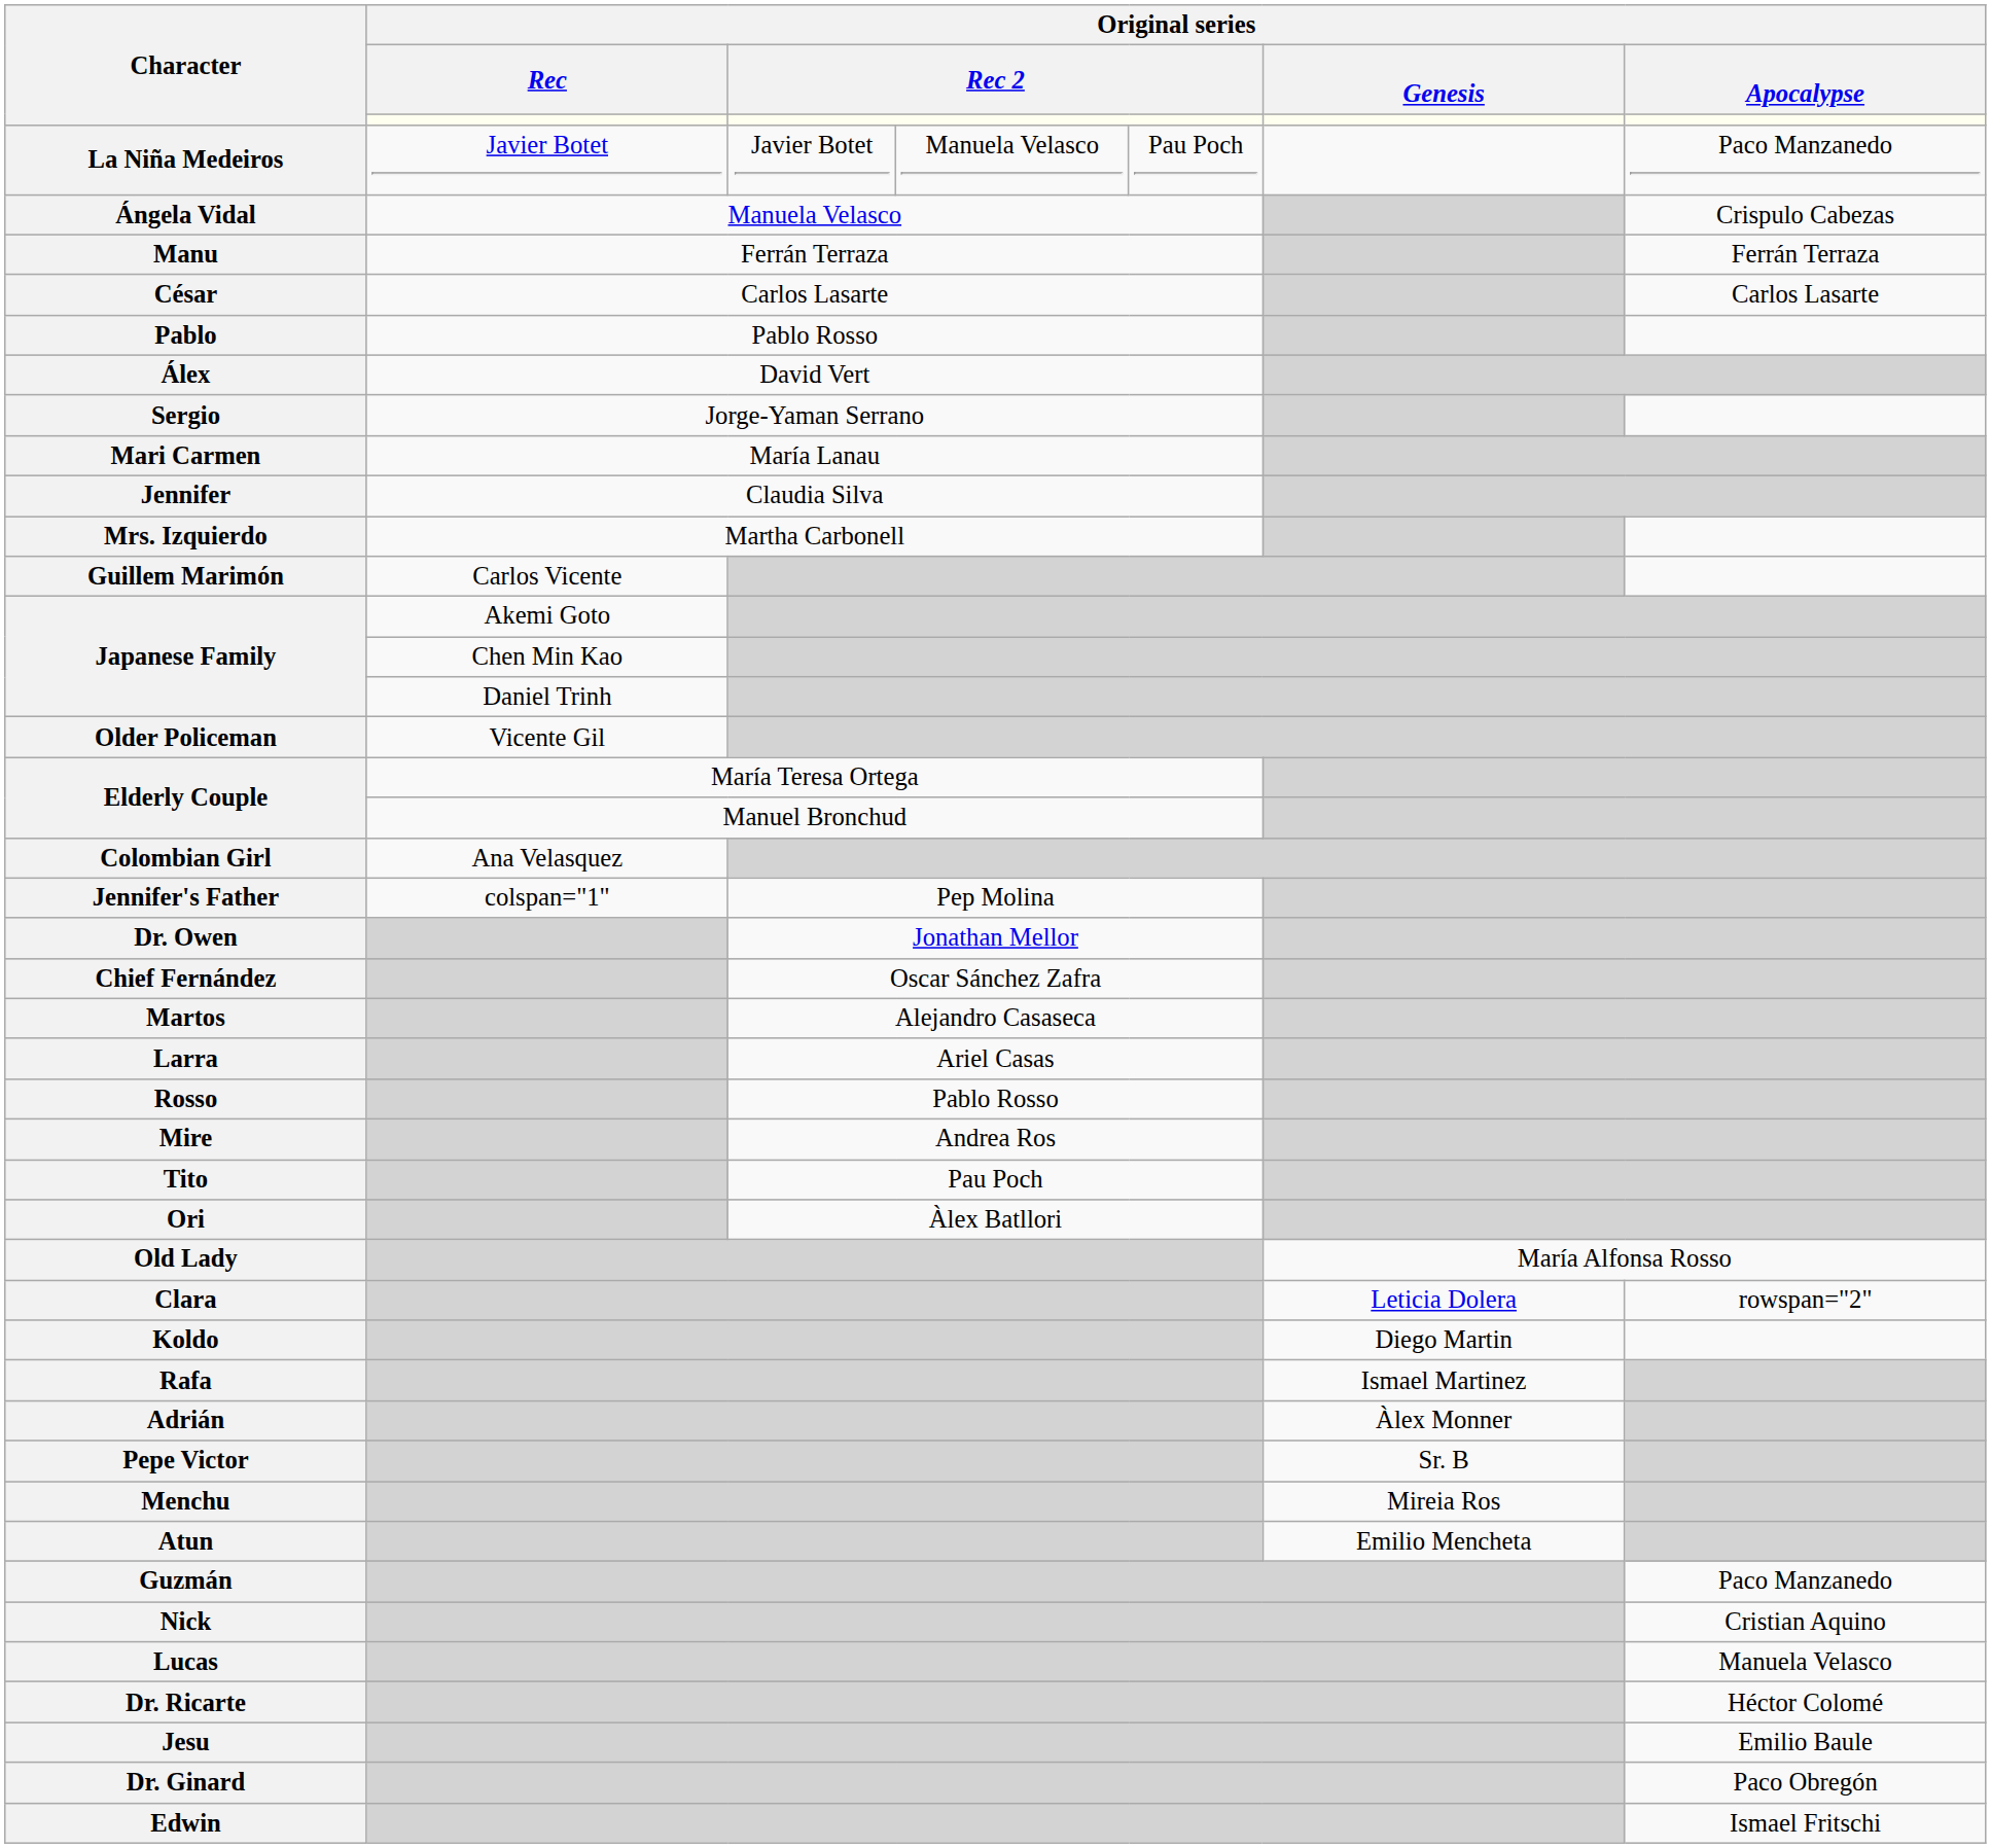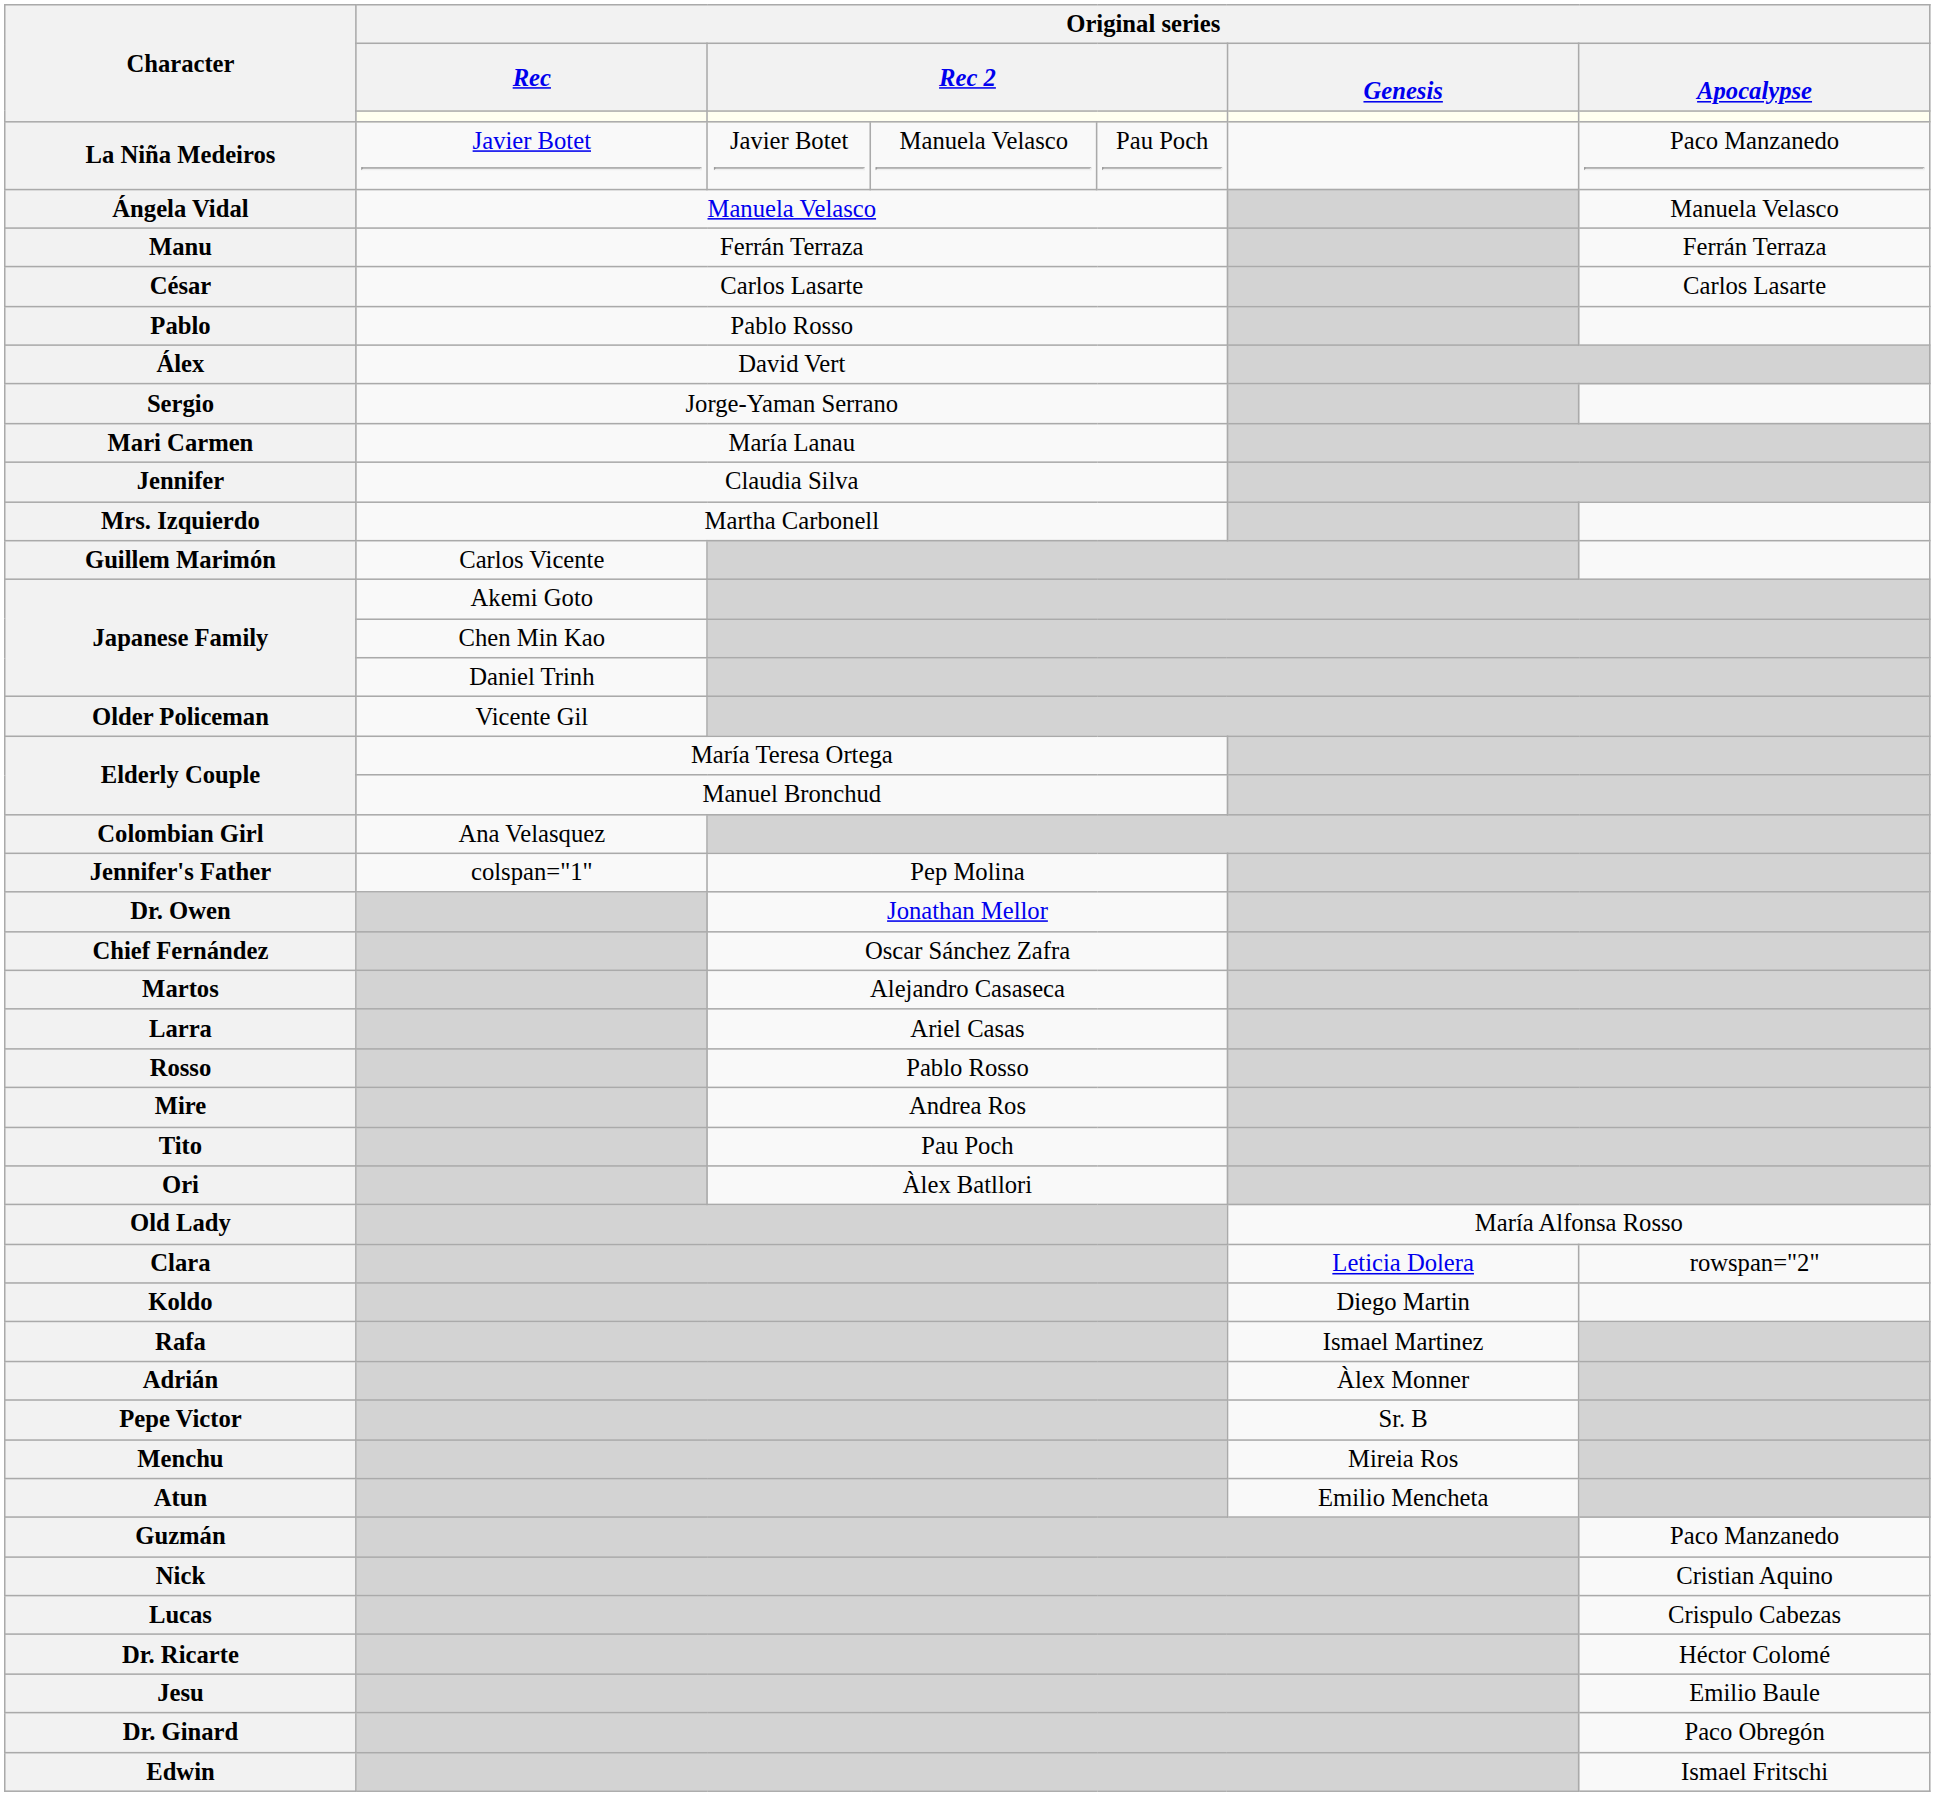 <table class="wikitable" style="text-align:center; width:99%;">
 <tr>
 <th rowspan="3" style="width:12.5%;">Character</th>
 <th colspan="6" style="text-align:center;">Original series</th>
 </tr>
 <tr>
 <th style="text-align:center; width:12.5%;"><em><a href='#'>Rec</a></em></th>
 <th colspan="3" style="text-align:center; width:18.5%;"><em><a href='#'>Rec 2</a></em></th>
 <th style="text-align:center; width:12.5%;"><em><a href='#'><br>Genesis</a></em></th>
 <th style="text-align:center; width:12.5%;"><em><a href='#'><br>Apocalypse</a></em></th>
 </tr>
 <tr>
 <th colspan="1" style="background:ivory;"><span></span></th>
 <th colspan="3" style="background:ivory;"><span></span></th>
 <th colspan="1" style="background:ivory;"><span></span></th>
 <th colspan="1" style="background:ivory;"><span></span></th>
 </tr>
 <tr>
 <th>La Niña Medeiros <br></th>
 <td><a href='#'>Javier Botet</a><hr></td>
 <td>Javier Botet<hr></td>
 <td>Manuela Velasco<hr></td>
 <td>Pau Poch<hr></td>
 <td></td>
 <td>Paco Manzanedo<hr></td>
 </tr>
 <tr>
 <th>Ángela Vidal</th>
 <td colspan="4"><a href='#'>Manuela Velasco</a></td>
 <td style="background:#d3d3d3;"></td>
-<td colspan="1">Crispulo Cabezas</td>
+<td>Manuela Velasco</td>
 </tr>
 <tr>
 <th>Manu</th>
 <td colspan="4">Ferrán Terraza</td>
 <td colspan="1" style="background:#d3d3d3;"></td>
 <td colspan="1">Ferrán Terraza</td>
 </tr>
 <tr>
 <th>César</th>
 <td colspan="4">Carlos Lasarte</td>
 <td colspan="1" style="background:#d3d3d3;"></td>
 <td colspan="1">Carlos Lasarte</td>
 </tr>
 <tr>
 <th>Pablo</th>
 <td colspan="4">Pablo Rosso</td>
 <td colspan="1" style="background:#d3d3d3;"></td>
 <td></td>
 </tr>
 <tr>
 <th>Álex</th>
 <td colspan="4">David Vert</td>
 <td colspan="2" style="background:#d3d3d3;"></td>
 </tr>
 <tr>
 <th>Sergio</th>
 <td colspan="4">Jorge-Yaman Serrano</td>
 <td colspan="1" style="background:#d3d3d3;"></td>
 <td></td>
 </tr>
 <tr>
 <th>Mari Carmen</th>
 <td colspan="4">María Lanau</td>
 <td colspan="2" style="background:#d3d3d3;"></td>
 </tr>
 <tr>
 <th>Jennifer</th>
 <td colspan="4">Claudia Silva</td>
 <td colspan="2" style="background:#d3d3d3;"></td>
 </tr>
 <tr>
 <th>Mrs. Izquierdo</th>
 <td colspan="4">Martha Carbonell</td>
 <td colspan="1" style="background:#d3d3d3;"></td>
 <td></td>
 </tr>
 <tr>
 <th>Guillem Marimón</th>
 <td colspan="1">Carlos Vicente</td>
 <td colspan="4" style="background:#d3d3d3;"></td>
 <td></td>
 </tr>
 <tr>
 <th rowspan="3">Japanese Family</th>
 <td>Akemi Goto</td>
 <td colspan="5" style="background:#d3d3d3;"></td>
 </tr>
 <tr>
 <td>Chen Min Kao</td>
 <td colspan="5" style="background:#d3d3d3;"></td>
 </tr>
 <tr>
 <td>Daniel Trinh</td>
 <td colspan="5" style="background:#d3d3d3;"></td>
 </tr>
 <tr>
 <th>Older Policeman</th>
 <td colspan="1">Vicente Gil</td>
 <td colspan="5" style="background:#d3d3d3;"></td>
 </tr>
 <tr>
 <th rowspan="2">Elderly Couple</th>
 <td colspan="4">María Teresa Ortega</td>
 <td colspan="5" style="background:#d3d3d3;"></td>
 </tr>
 <tr>
 <td colspan="4">Manuel Bronchud</td>
 <td colspan="5" style="background:#d3d3d3;"></td>
 </tr>
 <tr>
 <th>Colombian Girl</th>
 <td colspan="1">Ana Velasquez</td>
 <td colspan="5" style="background:#d3d3d3;"></td>
 </tr>
 <tr>
 <th>Jennifer's Father</th>
 <td>colspan="1" </td>
 <td colspan="3">Pep Molina</td>
 <td colspan="2" style="background:#d3d3d3;"></td>
 </tr>
 <tr>
 <th>Dr. Owen</th>
 <td colspan="1" style="background:#d3d3d3;"></td>
 <td colspan="3"><a href='#'>Jonathan Mellor</a></td>
 <td colspan="2" style="background:#d3d3d3;"></td>
 </tr>
 <tr>
 <th>Chief Fernández</th>
 <td colspan="1" style="background:#d3d3d3;"></td>
 <td colspan="3">Oscar Sánchez Zafra</td>
 <td colspan="2" style="background:#d3d3d3;"></td>
 </tr>
 <tr>
 <th>Martos</th>
 <td colspan="1" style="background:#d3d3d3;"></td>
 <td colspan="3">Alejandro Casaseca</td>
 <td colspan="2" style="background:#d3d3d3;"></td>
 </tr>
 <tr>
 <th>Larra</th>
 <td colspan="1" style="background:#d3d3d3;"></td>
 <td colspan="3">Ariel Casas</td>
 <td colspan="2" style="background:#d3d3d3;"></td>
 </tr>
 <tr>
 <th>Rosso</th>
 <td colspan="1" style="background:#d3d3d3;"></td>
 <td colspan="3">Pablo Rosso</td>
 <td colspan="2" style="background:#d3d3d3;"></td>
 </tr>
 <tr>
 <th>Mire</th>
 <td colspan="1" style="background:#d3d3d3;"></td>
 <td colspan="3">Andrea Ros</td>
 <td colspan="2" style="background:#d3d3d3;"></td>
 </tr>
 <tr>
 <th>Tito</th>
 <td colspan="1" style="background:#d3d3d3;"></td>
 <td colspan="3">Pau Poch</td>
 <td colspan="2" style="background:#d3d3d3;"></td>
 </tr>
 <tr>
 <th>Ori</th>
 <td colspan="1" style="background:#d3d3d3;"></td>
 <td colspan="3">Àlex Batllori</td>
 <td colspan="2" style="background:#d3d3d3;"></td>
 </tr>
 <tr>
 <th>Old Lady</th>
 <td colspan="4" style="background:#d3d3d3;"></td>
 <td colspan="2">María Alfonsa Rosso</td>
 </tr>
 <tr>
 <th>Clara</th>
 <td colspan="4" style="background:#d3d3d3;"></td>
 <td><a href='#'>Leticia Dolera</a></td>
 <td>rowspan="2" </td>
 </tr>
 <tr>
 <th>Koldo</th>
 <td colspan="4" style="background:#d3d3d3;"></td>
 <td>Diego Martin</td>
 </tr>
 <tr>
 <th>Rafa</th>
 <td colspan="4" style="background:#d3d3d3;"></td>
 <td colspan="1">Ismael Martinez</td>
 <td colspan="1" style="background:#d3d3d3;"></td>
 </tr>
 <tr>
 <th>Adrián</th>
 <td colspan="4" style="background:#d3d3d3;"></td>
 <td colspan="1">Àlex Monner</td>
 <td colspan="1" style="background:#d3d3d3;"></td>
 </tr>
 <tr>
 <th>Pepe Victor</th>
 <td colspan="4" style="background:#d3d3d3;"></td>
 <td colspan="1">Sr. B</td>
 <td colspan="1" style="background:#d3d3d3;"></td>
 </tr>
 <tr>
 <th>Menchu</th>
 <td colspan="4" style="background:#d3d3d3;"></td>
 <td colspan="1">Mireia Ros</td>
 <td colspan="1" style="background:#d3d3d3;"></td>
 </tr>
 <tr>
 <th>Atun</th>
 <td colspan="4" style="background:#d3d3d3;"></td>
 <td colspan="1">Emilio Mencheta</td>
 <td colspan="1" style="background:#d3d3d3;"></td>
 </tr>
 <tr>
 <th>Guzmán</th>
 <td colspan="5" style="background:#d3d3d3;"></td>
 <td colspan="1">Paco Manzanedo</td>
 </tr>
 <tr>
 <th>Nick</th>
 <td colspan="5" style="background:#d3d3d3;"></td>
 <td colspan="1">Cristian Aquino</td>
 </tr>
 <tr>
 <th>Lucas</th>
 <td colspan="5" style="background:#d3d3d3;"></td>
-<td>Manuela Velasco</td>
+<td colspan="1">Crispulo Cabezas</td>
 </tr>
 <tr>
 <th>Dr. Ricarte</th>
 <td colspan="5" style="background:#d3d3d3;"></td>
 <td colspan="1">Héctor Colomé</td>
 </tr>
 <tr>
 <th>Jesu</th>
 <td colspan="5" style="background:#d3d3d3;"></td>
 <td colspan="1">Emilio Baule</td>
 </tr>
 <tr>
 <th>Dr. Ginard</th>
 <td colspan="5" style="background:#d3d3d3;"></td>
 <td colspan="1">Paco Obregón</td>
 </tr>
 <tr>
 <th>Edwin</th>
 <td colspan="5" style="background:#d3d3d3;"></td>
 <td colspan="1">Ismael Fritschi</td>
 </tr>
 </table>
